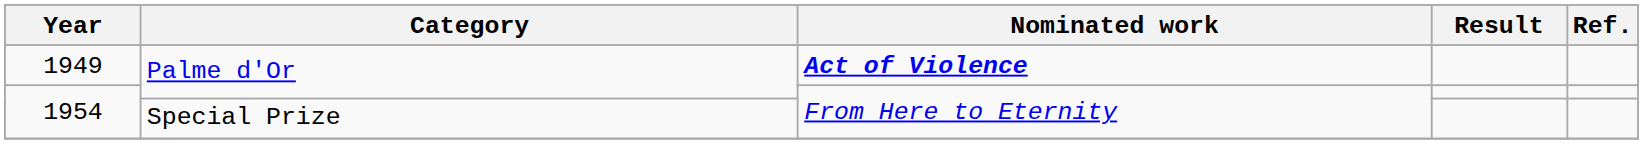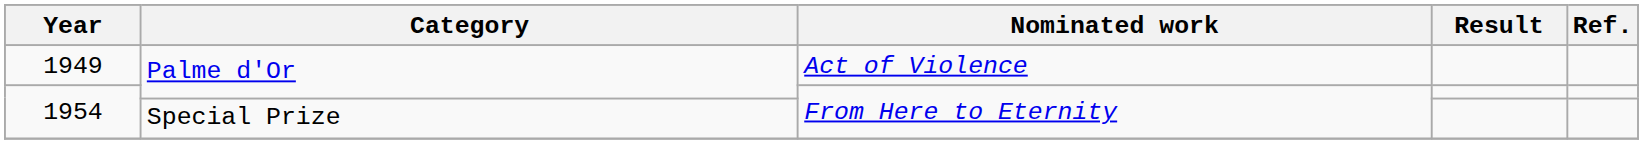 <table class=wikitable>
 <tr>
 <th scope="col" style="width:5em;">Year</th>
 <th scope="col" style="width:26em;">Category</th>
 <th scope="col" style="width:25em;">Nominated work</th>
 <th scope="col" style="width:5em;">Result</th>
 <th>Ref.</th>
 </tr>
 <tr>
 <td style="text-align:center;">1949</td>
 <td rowspan=2><a href='#'>Palme d'Or</a></td>
-<td><strong><em><a href='#'>Act of Violence</a></em></strong></td>
+<td><em><a href='#'>Act of Violence</a></em></td>
 <td></td>
 <td></td>
 </tr>
 <tr>
 <td style="text-align:center;", rowspan=2>1954</td>
 <td rowspan=2><em><a href='#'>From Here to Eternity</a></em></td>
 <td></td>
 </tr>
 <tr>
 <td>Special Prize</td>
 <td></td>
 <td></td>
 </tr>
 <tr>
 </tr>
 </table>
